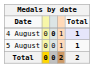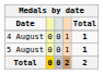 <table class="wikitable" style="font-size:85%">
 <tr bgcolor="#efefef">
 <th colspan=6>Medals by date</th>
 </tr>
 <tr align=center>
 <td><strong>Date</strong></td>
 <td bgcolor=#f7f6a8></td>
 <td bgcolor=#dce5e5></td>
 <td bgcolor=#ffdab9></td>
 <td><strong>Total</strong></td>
 </tr>
 <tr align=center>
 </tr>
 <tr align=center>
 <td>4 August</td>
 <td style="background:#F7F6A8;">0</td>
-<td style="background:#DCE5E5;"><strong>0</strong></td>
+<td style="background:#DCE5E5;">0</td>
 <td style="background:#FFDAB9;">1</td>
-<td style="background: lavender;"><strong>1</strong></td>
+<td><strong>1</strong></td>
 </tr>
 <tr align=center>
 <td>5 August</td>
 <td style="background:#F7F6A8;">0</td>
 <td style="background:#DCE5E5;">0</td>
 <td style="background:#FFDAB9;">1</td>
 <td><strong>1</strong></td>
 </tr>
 <tr align=center>
 <th><strong>Total</strong></th>
 <th style="background:gold;"><strong>0</strong></th>
 <th style="background:silver;"><strong>0</strong></th>
 <th style="background:#c96;"><strong>2</strong></th>
 <th>2</th>
 </tr>
 </table>
